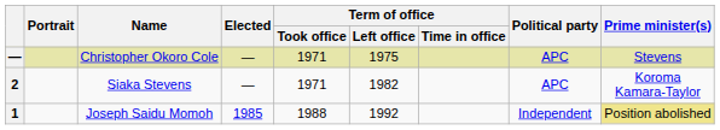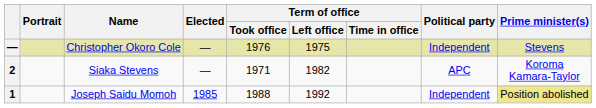 <table class="wikitable" style="text-align:center">
 <tr>
 <th rowspan="2"></th>
 <th rowspan="2">Portrait</th>
 <th rowspan="2">Name<br></th>
 <th rowspan="2">Elected</th>
 <th colspan="3">Term of office</th>
 <th rowspan="2">Political party</th>
 <th rowspan="2"><a href='#'>Prime minister(s)</a></th>
 </tr>
 <tr>
 <th>Took office</th>
 <th>Left office</th>
 <th>Time in office</th>
 </tr>
 <tr style="background:#e6e6aa;">
 <th style="background:">—</th>
 <td></td>
 <td><a href='#'>Christopher Okoro Cole</a><br></td>
 <td>—</td>
-<td> 1971</td>
+<td> 1976</td>
 <td> 1975</td>
 <td></td>
-<td><a href='#'>APC</a></td>
+<td><a href='#'>Independent</a></td>
 <td><a href='#'>Stevens</a></td>
 </tr>
 <tr>
 <th style="background:">2</th>
 <td></td>
 <td><a href='#'>Siaka Stevens</a><br></td>
 <td>—</td>
 <td> 1971</td>
 <td> 1982<br></td>
 <td></td>
 <td><a href='#'>APC</a></td>
 <td><a href='#'>Koroma</a><br><a href='#'>Kamara-Taylor</a></td>
 </tr>
 <tr>
 <th style="background:">1</th>
 <td></td>
 <td><a href='#'>Joseph Saidu Momoh</a><br></td>
 <td><a href='#'>1985</a></td>
 <td> 1988</td>
 <td> 1992<br></td>
 <td></td>
 <td><a href='#'>Independent</a></td>
 <td style="background: khaki;">Position abolished</td>
 </tr>
 </table>
